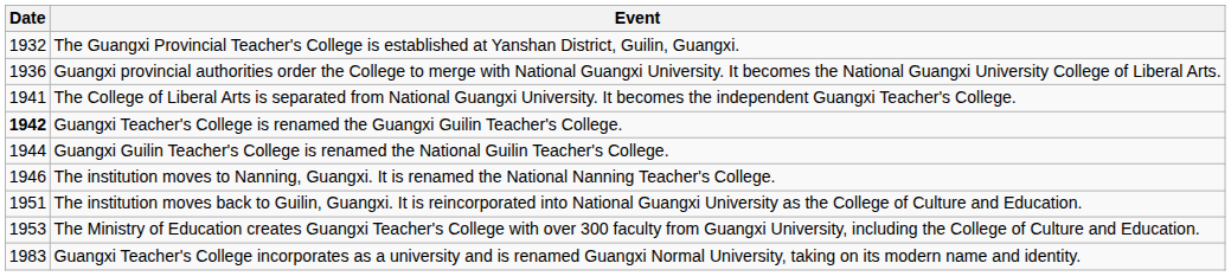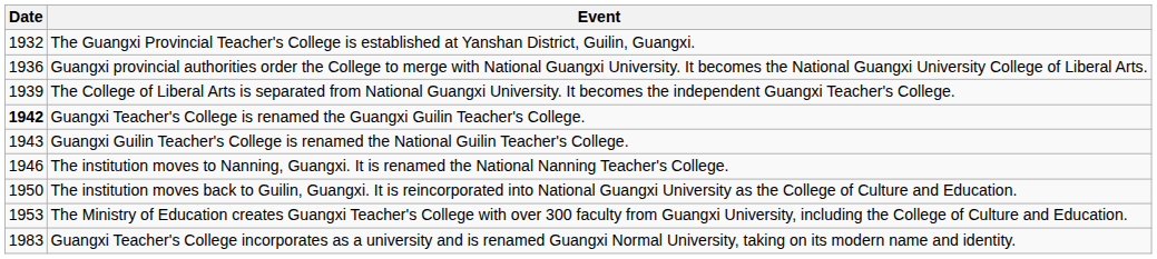 <table class="wikitable mw-collapsible mw-collapsed">
 <tr>
 <th>Date</th>
 <th>Event</th>
 </tr>
 <tr>
 <td>1932</td>
 <td>The Guangxi Provincial Teacher's College is established at Yanshan District, Guilin, Guangxi.</td>
 </tr>
 <tr>
 <td>1936</td>
 <td>Guangxi provincial authorities order the College to merge with National Guangxi University. It becomes the National Guangxi University College of Liberal Arts.</td>
 </tr>
 <tr>
-<td>1941</td>
+<td>1939</td>
 <td>The College of Liberal Arts is separated from National Guangxi University. It becomes the independent Guangxi Teacher's College.</td>
 </tr>
 <tr>
 <td><strong>1942</strong></td>
 <td>Guangxi Teacher's College is renamed the Guangxi Guilin Teacher's College.</td>
 </tr>
 <tr>
-<td>1944</td>
+<td>1943</td>
 <td>Guangxi Guilin Teacher's College is renamed the National Guilin Teacher's College.</td>
 </tr>
 <tr>
 <td>1946</td>
 <td>The institution moves to Nanning, Guangxi. It is renamed the National Nanning Teacher's College.</td>
 </tr>
 <tr>
-<td>1951</td>
+<td>1950</td>
 <td>The institution moves back to Guilin, Guangxi. It is reincorporated into National Guangxi University as the College of Culture and Education.</td>
 </tr>
 <tr>
 <td>1953</td>
 <td>The Ministry of Education creates Guangxi Teacher's College with over 300 faculty from Guangxi University, including the College of Culture and Education.</td>
 </tr>
 <tr>
 <td>1983</td>
 <td>Guangxi Teacher's College incorporates as a university and is renamed Guangxi Normal University, taking on its modern name and identity.</td>
 </tr>
 </table>
